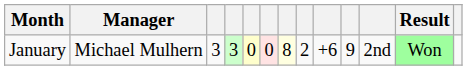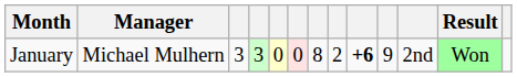 <table class="wikitable sortable" style="text-align:center; font-size:95%;">
 <tr>
 <th>Month</th>
 <th class="unsortable">Manager</th>
 <th></th>
 <th></th>
 <th></th>
 <th></th>
 <th></th>
 <th></th>
 <th></th>
 <th></th>
 <th></th>
 <th>Result</th>
 <th class="unsortable"></th>
 </tr>
 <tr>
 <td data-sort-value="1">January</td>
 <td rowspan="5" style="text-align:left;"> Michael Mulhern</td>
 <td>3</td>
 <td style="background:#ccffcc;">3</td>
 <td style="background:#ffffcc;">0</td>
 <td style="background:#ffe3e3;">0</td>
-<td style="background: lightyellow;">8</td>
+<td>8</td>
 <td>2</td>
-<td>+6</td>
+<td><strong>+6</strong></td>
 <td>9</td>
 <td style="background:">2nd</td>
 <td style="background:#9eff9e;">Won</td>
 <td></td>
 </tr>
 </table>
